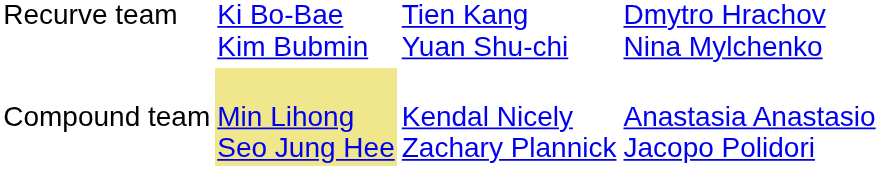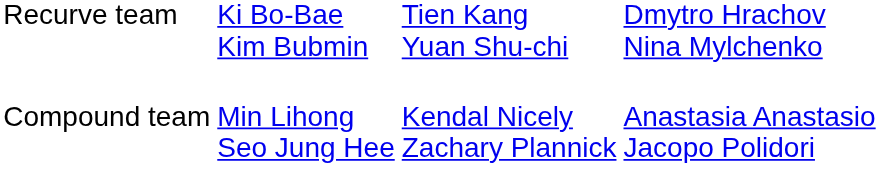 <table>
 <tr>
 <td>Recurve team</td>
 <td><br><a href='#'>Ki Bo-Bae</a> <br><a href='#'>Kim Bubmin</a></td>
 <td><br><a href='#'>Tien Kang</a> <br><a href='#'>Yuan Shu-chi</a></td>
 <td><br><a href='#'>Dmytro Hrachov</a> <br><a href='#'>Nina Mylchenko</a></td>
 </tr>
 <tr>
 <td>Compound team</td>
-<td style="background: khaki;"><br><a href='#'>Min Lihong</a> <br><a href='#'>Seo Jung Hee</a></td>
+<td><br><a href='#'>Min Lihong</a> <br><a href='#'>Seo Jung Hee</a></td>
 <td><br><a href='#'>Kendal Nicely</a> <br><a href='#'>Zachary Plannick</a></td>
 <td><br><a href='#'>Anastasia Anastasio</a> <br><a href='#'>Jacopo Polidori</a></td>
 </tr>
 </table>
